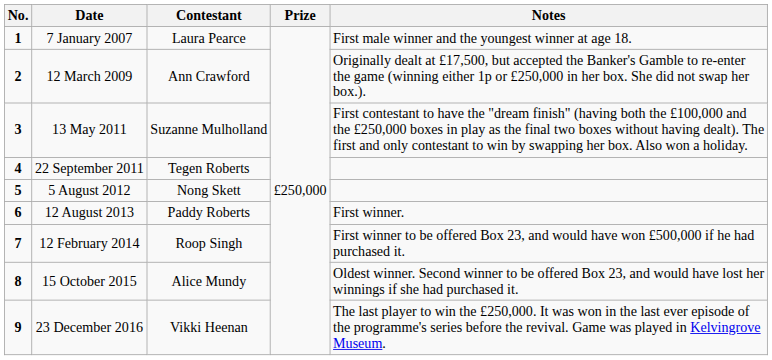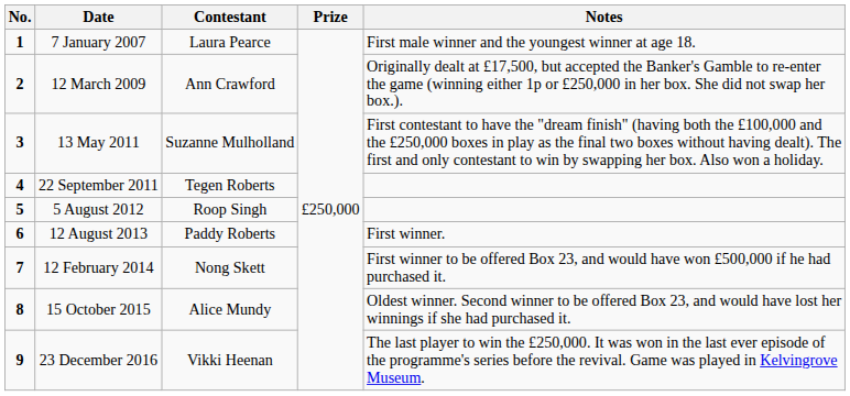 <table class="wikitable" style="text-align: center;">
 <tr>
 <th>No.</th>
 <th>Date</th>
 <th>Contestant</th>
 <th>Prize</th>
 <th>Notes</th>
 </tr>
 <tr>
 <td><strong>1</strong></td>
 <td>7 January 2007</td>
 <td>Laura Pearce</td>
 <td rowspan="12">£250,000</td>
 <td style="text-align:left;">First male winner and the youngest winner at age 18.</td>
 </tr>
 <tr>
 <td><strong>2</strong></td>
 <td>12 March 2009</td>
 <td>Ann Crawford</td>
 <td style="text-align:left;">Originally dealt at £17,500, but accepted the Banker's Gamble to re-enter the game (winning either 1p or £250,000 in her box. She did not swap her box.).</td>
 </tr>
 <tr>
 <td><strong>3</strong></td>
 <td>13 May 2011</td>
 <td style="white-space:nowrap;">Suzanne Mulholland</td>
 <td style="text-align:left;">First contestant to have the "dream finish" (having both the £100,000 and the £250,000 boxes in play as the final two boxes without having dealt). The first and only contestant to win by swapping her box. Also won a holiday.</td>
 </tr>
 <tr>
 <td><strong>4</strong></td>
 <td style="white-space:nowrap;">22 September 2011</td>
 <td>Tegen Roberts</td>
 <td></td>
 </tr>
 <tr>
 <td><strong>5</strong></td>
 <td>5 August 2012</td>
-<td>Nong Skett</td>
+<td>Roop Singh</td>
 <td></td>
 </tr>
 <tr>
 <td><strong>6</strong></td>
 <td>12 August 2013</td>
 <td>Paddy Roberts</td>
 <td style="text-align:left;">First winner.</td>
 </tr>
 <tr>
 <td><strong>7</strong></td>
 <td>12 February 2014</td>
-<td>Roop Singh</td>
+<td>Nong Skett</td>
 <td style="text-align:left;">First winner to be offered Box 23, and would have won £500,000 if he had purchased it.</td>
 </tr>
 <tr>
 <td><strong>8</strong></td>
 <td>15 October 2015</td>
 <td>Alice Mundy</td>
 <td style="text-align:left;">Oldest winner. Second winner to be offered Box 23, and would have lost her winnings if she had purchased it.</td>
 </tr>
 <tr>
 <td><strong>9</strong></td>
 <td>23 December 2016</td>
 <td>Vikki Heenan</td>
 <td style="text-align:left;">The last player to win the £250,000. It was won in the last ever episode of the programme's series before the revival. Game was played in <a href='#'>Kelvingrove Museum</a>.</td>
 </tr>
 </table>
